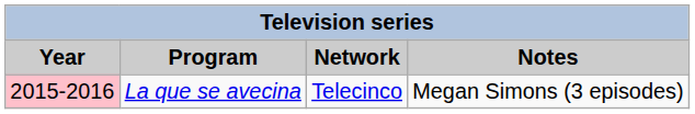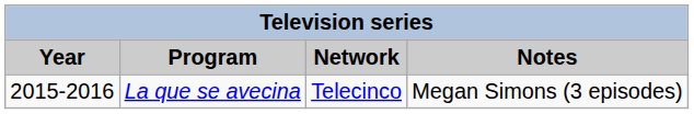 <table class="wikitable" style="font-size: 90%;">
 <tr>
 <th colspan=4 style="background:#B0C4DE;">Television series</th>
 </tr>
 <tr>
 <th style="background: #CCCCCC;">Year</th>
 <th style="background: #CCCCCC;">Program</th>
 <th style="background: #CCCCCC;">Network</th>
 <th style="background: #CCCCCC;">Notes</th>
 </tr>
 <tr>
-<td style="background: pink;">2015-2016</td>
+<td>2015-2016</td>
 <td><em><a href='#'>La que se avecina</a></em></td>
 <td><a href='#'>Telecinco</a></td>
 <td>Megan Simons (3 episodes)</td>
 </tr>
 </table>
